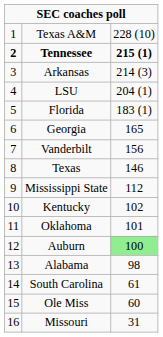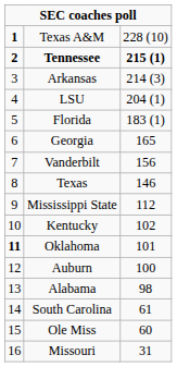 <table class="wikitable" style="display: inline-table;">
 <tr>
 <td align="center" Colspan="3"><strong>SEC coaches poll</strong><br></td>
 </tr>
 <tr align="center">
-<td>1</td>
+<td><strong>1</strong></td>
 <td>Texas A&M</td>
 <td>228 (10)</td>
 </tr>
 <tr align="center">
 <td><strong>2</strong></td>
 <td><strong>Tennessee</strong></td>
 <td><strong>215 (1)</strong></td>
 </tr>
 <tr align="center">
 <td>3</td>
 <td>Arkansas</td>
 <td>214 (3)</td>
 </tr>
 <tr align="center">
 <td>4</td>
 <td>LSU</td>
 <td>204 (1)</td>
 </tr>
 <tr align="center">
 <td>5</td>
 <td>Florida</td>
 <td>183 (1)</td>
 </tr>
 <tr align="center">
 <td>6</td>
 <td>Georgia</td>
 <td>165</td>
 </tr>
 <tr align="center">
 <td>7</td>
 <td>Vanderbilt</td>
 <td>156</td>
 </tr>
 <tr align="center">
 <td>8</td>
 <td>Texas</td>
 <td>146</td>
 </tr>
 <tr align="center">
 <td>9</td>
 <td>Mississippi State</td>
 <td>112</td>
 </tr>
 <tr align="center">
 <td>10</td>
 <td>Kentucky</td>
 <td>102</td>
 </tr>
 <tr align="center">
-<td>11</td>
+<td><strong>11</strong></td>
 <td>Oklahoma</td>
 <td>101</td>
 </tr>
 <tr align="center">
 <td>12</td>
 <td>Auburn</td>
-<td style="background: lightgreen;">100</td>
+<td>100</td>
 </tr>
 <tr align="center">
 <td>13</td>
 <td>Alabama</td>
 <td>98</td>
 </tr>
 <tr align="center">
 <td>14</td>
 <td>South Carolina</td>
 <td>61</td>
 </tr>
 <tr align="center">
 <td>15</td>
 <td>Ole Miss</td>
 <td>60</td>
 </tr>
 <tr align="center">
 <td>16</td>
 <td>Missouri</td>
 <td>31</td>
 </tr>
 </table>
